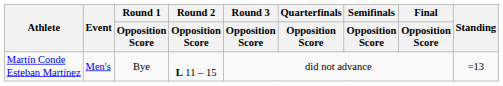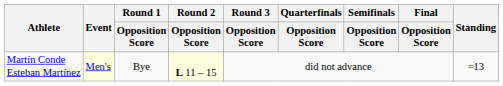 <table class="wikitable" border="1" style="font-size:90%">
 <tr>
 <th rowspan=2>Athlete</th>
 <th rowspan=2>Event</th>
 <th>Round 1</th>
 <th>Round 2</th>
 <th>Round 3</th>
 <th>Quarterfinals</th>
 <th>Semifinals</th>
 <th>Final</th>
 <th rowspan=2>Standing</th>
 </tr>
 <tr>
 <th>Opposition <br> Score</th>
 <th>Opposition <br> Score</th>
 <th>Opposition <br> Score</th>
 <th>Opposition <br> Score</th>
 <th>Opposition <br> Score</th>
 <th>Opposition <br> Score</th>
 </tr>
 <tr>
 <td><a href='#'>Martín Conde</a><br><a href='#'>Esteban Martínez</a></td>
-<td><a href='#'>Men's</a></td>
+<td style="background: lightyellow;"><a href='#'>Men's</a></td>
 <td align=center>Bye</td>
-<td align=center><br><strong>L</strong> 11 – 15</td>
+<td align=center style="background: lightyellow;"><br><strong>L</strong> 11 – 15</td>
 <td align=center colspan=4>did not advance</td>
 <td align=center>=13</td>
 </tr>
 </table>
